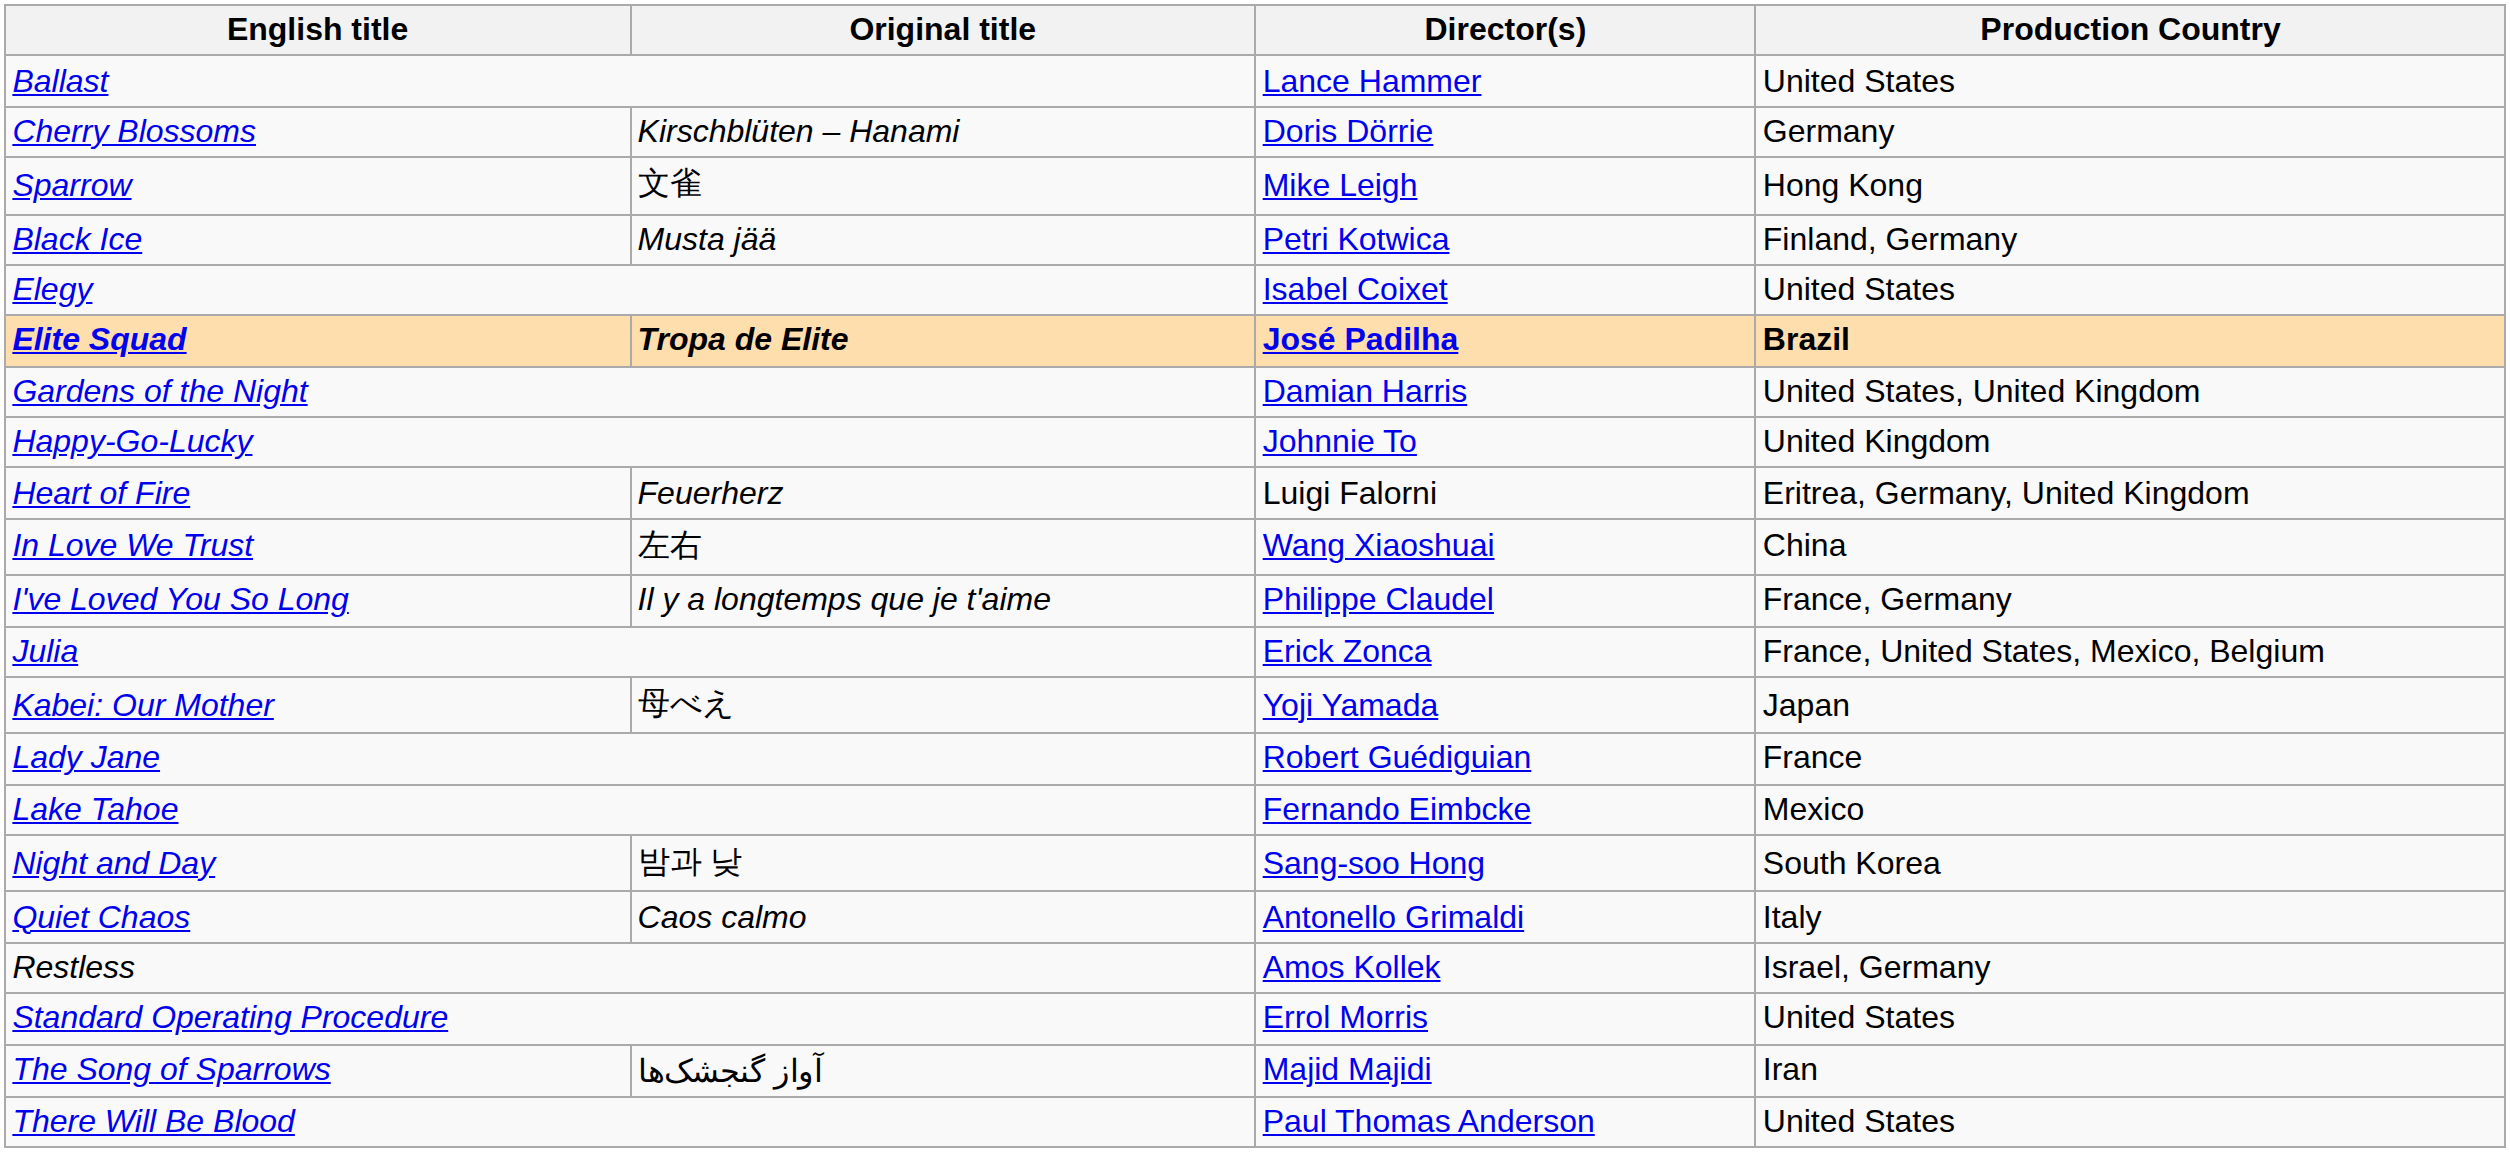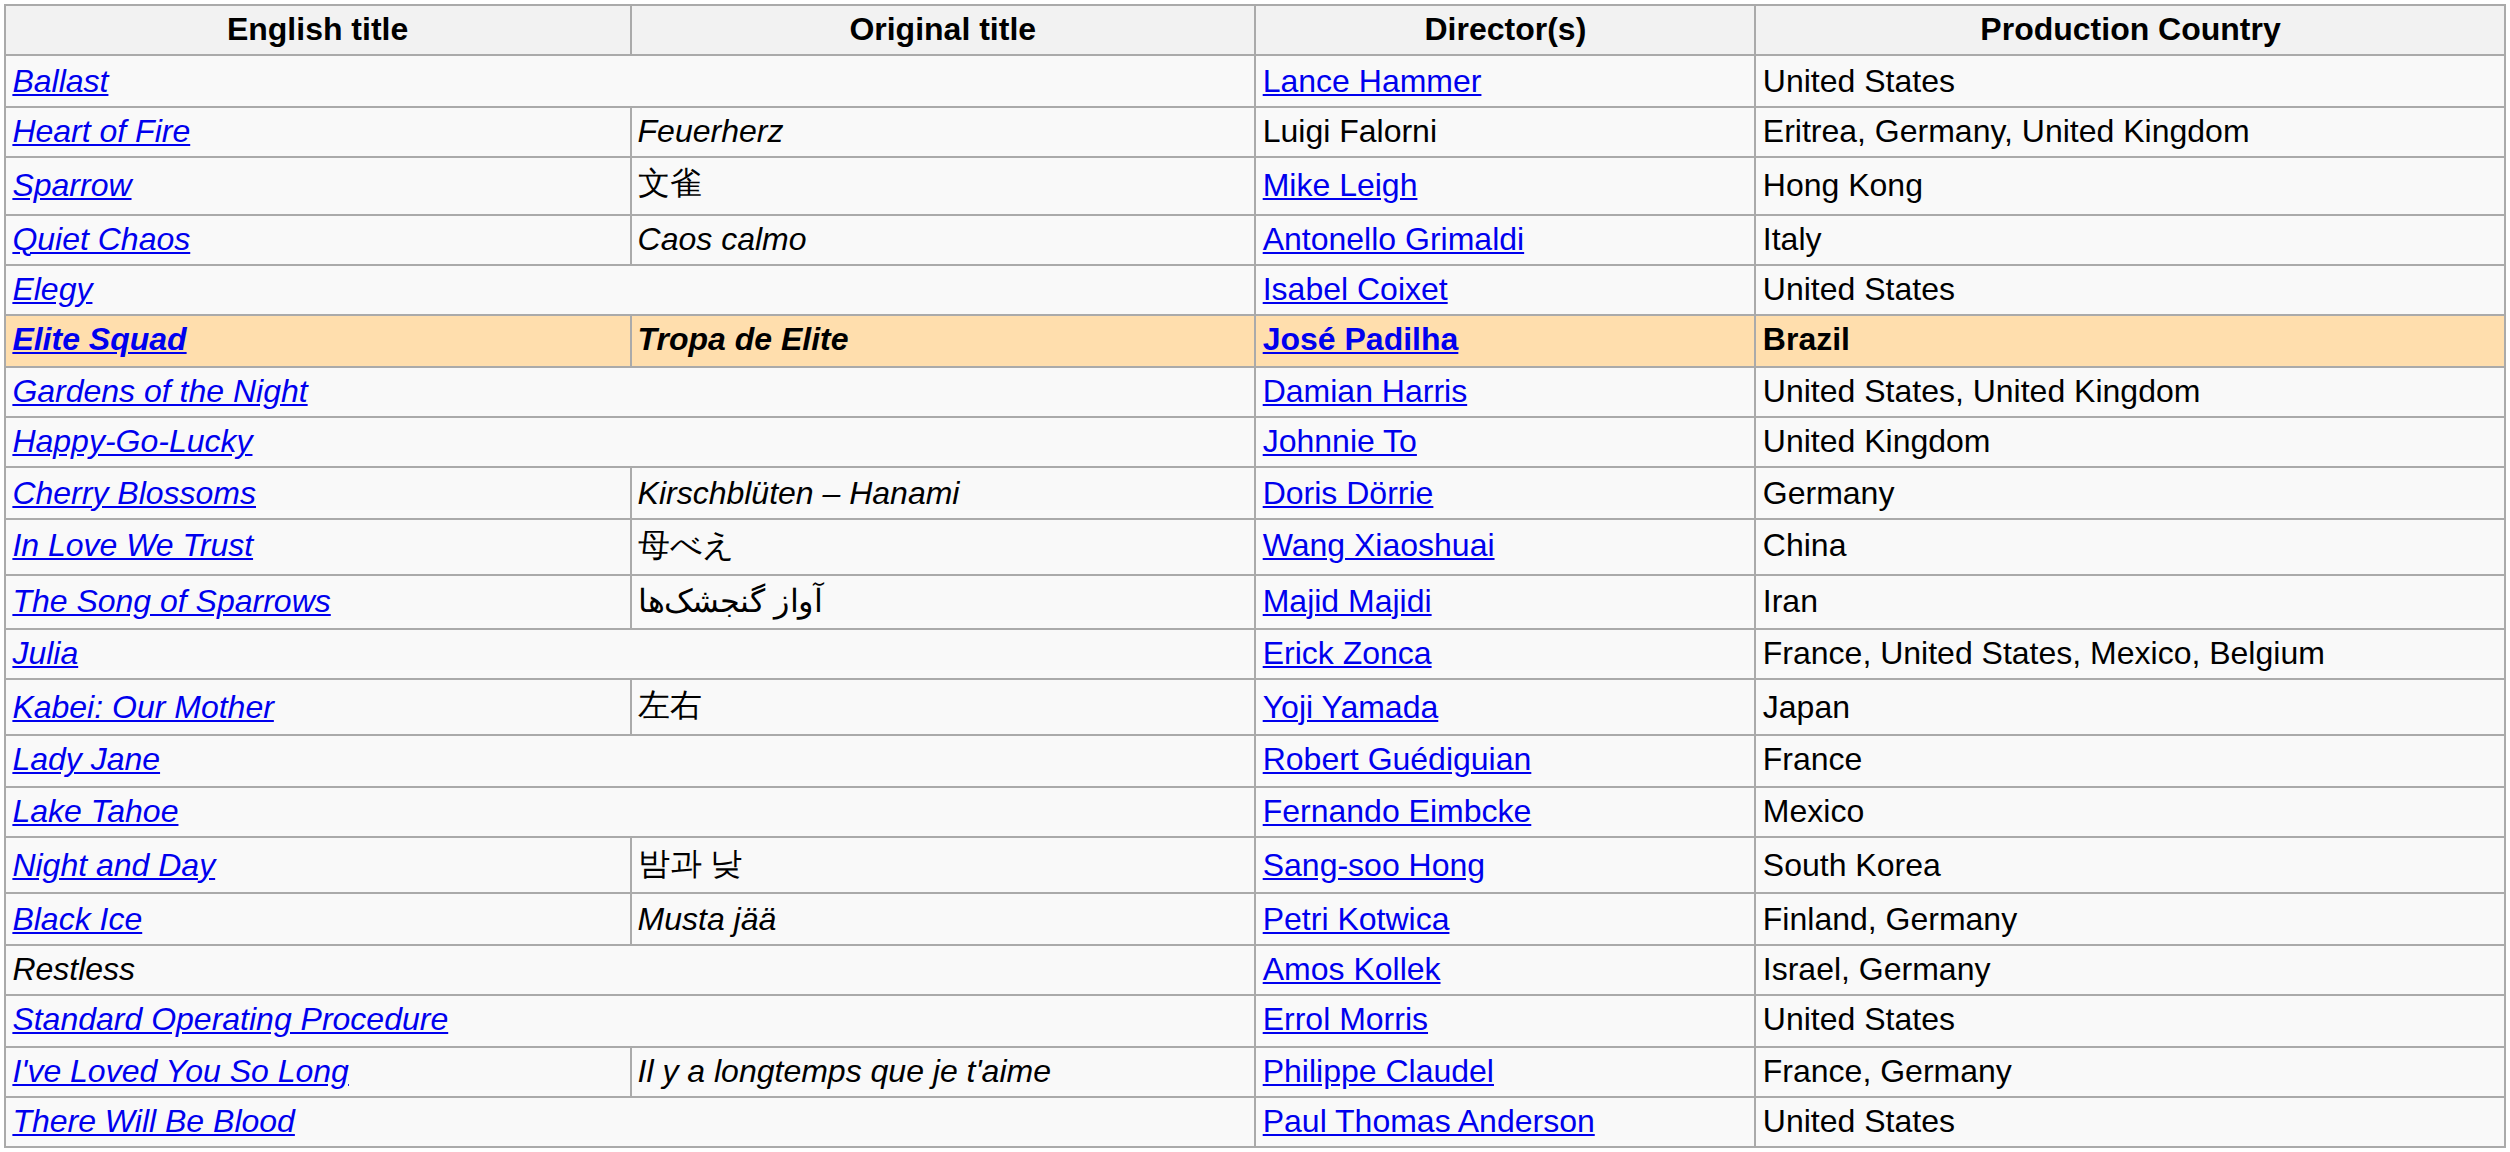 <table class="wikitable" width="79%" cellpadding="5">
 <tr>
 <th width="25%">English title</th>
 <th width="25%">Original title</th>
 <th width="20%">Director(s)</th>
 <th width="30%">Production Country</th>
 </tr>
 <tr>
 <td colspan="2"><em><a href='#'>Ballast</a></em></td>
 <td><a href='#'>Lance Hammer</a></td>
 <td>United States</td>
 </tr>
 <tr>
-<td><em><a href='#'>Cherry Blossoms</a></em></td>
-<td><em>Kirschblüten – Hanami</em></td>
-<td><a href='#'>Doris Dörrie</a></td>
-<td>Germany</td>
+<td><em><a href='#'>Heart of Fire</a></em></td>
+<td><em>Feuerherz</em></td>
+<td>Luigi Falorni</td>
+<td>Eritrea, Germany, United Kingdom</td>
 </tr>
 <tr>
 <td><em><a href='#'>Sparrow</a></em></td>
 <td>文雀</td>
 <td><a href='#'>Mike Leigh</a></td>
 <td>Hong Kong</td>
 </tr>
 <tr>
-<td><em><a href='#'>Black Ice</a></em></td>
-<td><em>Musta jää</em></td>
-<td><a href='#'>Petri Kotwica</a></td>
-<td>Finland, Germany</td>
+<td><em><a href='#'>Quiet Chaos</a></em></td>
+<td><em>Caos calmo</em></td>
+<td><a href='#'>Antonello Grimaldi</a></td>
+<td>Italy</td>
 </tr>
 <tr>
 <td colspan="2"><em><a href='#'>Elegy</a></em></td>
 <td><a href='#'>Isabel Coixet</a></td>
 <td>United States</td>
 </tr>
 <tr style="background:#FFDEAD;">
 <td><strong><em><a href='#'>Elite Squad</a></em></strong></td>
 <td><strong><em>Tropa de Elite</em></strong></td>
 <td><strong><a href='#'>José Padilha</a></strong></td>
 <td><strong>Brazil</strong></td>
 </tr>
 <tr>
 <td colspan="2"><em><a href='#'>Gardens of the Night</a></em></td>
 <td><a href='#'>Damian Harris</a></td>
 <td>United States, United Kingdom</td>
 </tr>
 <tr>
 <td colspan="2"><em><a href='#'>Happy-Go-Lucky</a></em></td>
 <td><a href='#'>Johnnie To</a></td>
 <td>United Kingdom</td>
 </tr>
 <tr>
-<td><em><a href='#'>Heart of Fire</a></em></td>
-<td><em>Feuerherz</em></td>
-<td>Luigi Falorni</td>
-<td>Eritrea, Germany, United Kingdom</td>
+<td><em><a href='#'>Cherry Blossoms</a></em></td>
+<td><em>Kirschblüten – Hanami</em></td>
+<td><a href='#'>Doris Dörrie</a></td>
+<td>Germany</td>
 </tr>
 <tr>
 <td><em><a href='#'>In Love We Trust</a></em></td>
-<td>左右</td>
+<td>母べえ</td>
 <td><a href='#'>Wang Xiaoshuai</a></td>
 <td>China</td>
 </tr>
 <tr>
-<td><em><a href='#'>I've Loved You So Long</a></em></td>
-<td><em>Il y a longtemps que je t'aime</em></td>
-<td><a href='#'>Philippe Claudel</a></td>
-<td>France, Germany</td>
+<td><em><a href='#'>The Song of Sparrows</a></em></td>
+<td>آواز گنجشک‌ها</td>
+<td><a href='#'>Majid Majidi</a></td>
+<td>Iran</td>
 </tr>
 <tr>
 <td colspan="2"><em><a href='#'>Julia</a></em></td>
 <td><a href='#'>Erick Zonca</a></td>
 <td>France, United States, Mexico, Belgium</td>
 </tr>
 <tr>
 <td><em><a href='#'>Kabei: Our Mother</a></em></td>
-<td>母べえ</td>
+<td>左右</td>
 <td><a href='#'>Yoji Yamada</a></td>
 <td>Japan</td>
 </tr>
 <tr>
 <td colspan="2"><em><a href='#'>Lady Jane</a></em></td>
 <td><a href='#'>Robert Guédiguian</a></td>
 <td>France</td>
 </tr>
 <tr>
 <td colspan="2"><em><a href='#'>Lake Tahoe</a></em></td>
 <td><a href='#'>Fernando Eimbcke</a></td>
 <td>Mexico</td>
 </tr>
 <tr>
 <td><em><a href='#'>Night and Day</a></em></td>
 <td>밤과 낮</td>
 <td><a href='#'>Sang-soo Hong</a></td>
 <td>South Korea</td>
 </tr>
 <tr>
-<td><em><a href='#'>Quiet Chaos</a></em></td>
-<td><em>Caos calmo</em></td>
-<td><a href='#'>Antonello Grimaldi</a></td>
-<td>Italy</td>
+<td><em><a href='#'>Black Ice</a></em></td>
+<td><em>Musta jää</em></td>
+<td><a href='#'>Petri Kotwica</a></td>
+<td>Finland, Germany</td>
 </tr>
 <tr>
 <td colspan="2"><em>Restless</em></td>
 <td><a href='#'>Amos Kollek</a></td>
 <td>Israel, Germany</td>
 </tr>
 <tr>
 <td colspan="2"><em><a href='#'>Standard Operating Procedure</a></em></td>
 <td><a href='#'>Errol Morris</a></td>
 <td>United States</td>
 </tr>
 <tr>
-<td><em><a href='#'>The Song of Sparrows</a></em></td>
-<td>آواز گنجشک‌ها</td>
-<td><a href='#'>Majid Majidi</a></td>
-<td>Iran</td>
+<td><em><a href='#'>I've Loved You So Long</a></em></td>
+<td><em>Il y a longtemps que je t'aime</em></td>
+<td><a href='#'>Philippe Claudel</a></td>
+<td>France, Germany</td>
 </tr>
 <tr>
 <td colspan="2"><em><a href='#'>There Will Be Blood</a></em></td>
 <td><a href='#'>Paul Thomas Anderson</a></td>
 <td>United States</td>
 </tr>
 </table>
